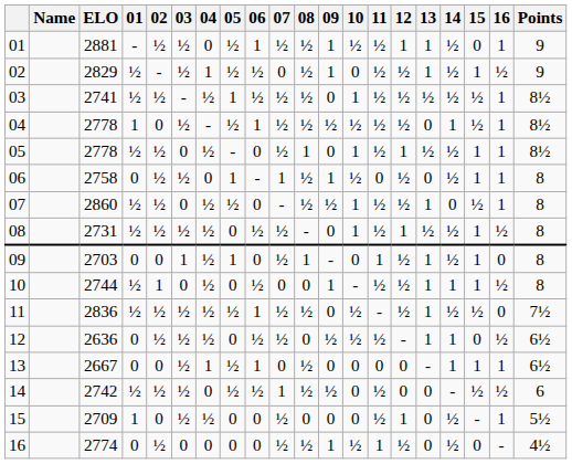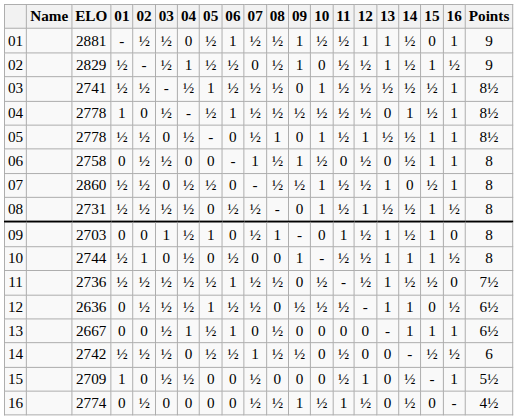 <table class="wikitable" style="text-align:center;">
 <tr>
 <th></th>
 <th>Name</th>
 <th>ELO</th>
 <th>01</th>
 <th>02</th>
 <th>03</th>
 <th>04</th>
 <th>05</th>
 <th>06</th>
 <th>07</th>
 <th>08</th>
 <th>09</th>
 <th>10</th>
 <th>11</th>
 <th>12</th>
 <th>13</th>
 <th>14</th>
 <th>15</th>
 <th>16</th>
 <th>Points</th>
 </tr>
 <tr>
 <td>01</td>
 <td style="text-align:left;" data-sort-value="Carlsen"></td>
 <td>2881</td>
 <td>-</td>
 <td>½</td>
 <td>½</td>
 <td>0</td>
 <td>½</td>
 <td>1</td>
 <td>½</td>
 <td>½</td>
 <td>1</td>
 <td>½</td>
 <td>½</td>
 <td>1</td>
 <td>1</td>
 <td>½</td>
 <td>0</td>
 <td>1</td>
 <td>9</td>
 </tr>
 <tr>
 <td>02</td>
 <td style="text-align:left;" data-sort-value="Nakamura"></td>
 <td>2829</td>
 <td>½</td>
 <td>-</td>
 <td>½</td>
 <td>1</td>
 <td>½</td>
 <td>½</td>
 <td>0</td>
 <td>½</td>
 <td>1</td>
 <td>0</td>
 <td>½</td>
 <td>½</td>
 <td>1</td>
 <td>½</td>
 <td>1</td>
 <td>½</td>
 <td>9</td>
 </tr>
 <tr>
 <td>03</td>
 <td style="text-align:left;" data-sort-value="So"></td>
 <td>2741</td>
 <td>½</td>
 <td>½</td>
 <td>-</td>
 <td>½</td>
 <td>1</td>
 <td>½</td>
 <td>½</td>
 <td>½</td>
 <td>0</td>
 <td>1</td>
 <td>½</td>
 <td>½</td>
 <td>½</td>
 <td>½</td>
 <td>½</td>
 <td>1</td>
 <td>8½</td>
 </tr>
 <tr>
 <td>04</td>
 <td style="text-align:left;" data-sort-value="Nepomniachtchi"></td>
 <td>2778</td>
 <td>1</td>
 <td>0</td>
 <td>½</td>
 <td>-</td>
 <td>½</td>
 <td>1</td>
 <td>½</td>
 <td>½</td>
 <td>½</td>
 <td>½</td>
 <td>½</td>
 <td>½</td>
 <td>0</td>
 <td>1</td>
 <td>½</td>
 <td>1</td>
 <td>8½</td>
 </tr>
 <tr>
 <td>05</td>
 <td style="text-align:left;" data-sort-value="Aronian"></td>
 <td>2778</td>
 <td>½</td>
 <td>½</td>
 <td>0</td>
 <td>½</td>
 <td>-</td>
 <td>0</td>
 <td>½</td>
 <td>1</td>
 <td>0</td>
 <td>1</td>
 <td>½</td>
 <td>1</td>
 <td>½</td>
 <td>½</td>
 <td>1</td>
 <td>1</td>
 <td>8½</td>
 </tr>
 <tr>
 <td>06</td>
 <td style="text-align:left;" data-sort-value="Radjabov"></td>
 <td>2758</td>
 <td>0</td>
 <td>½</td>
 <td>½</td>
 <td>0</td>
-<td>1</td>
+<td>0</td>
 <td>-</td>
 <td>1</td>
 <td>½</td>
 <td>1</td>
 <td>½</td>
 <td>0</td>
 <td>½</td>
 <td>0</td>
 <td>½</td>
 <td>1</td>
 <td>1</td>
 <td>8</td>
 </tr>
 <tr>
 <td>07</td>
 <td style="text-align:left;" data-sort-value="Vachier"></td>
 <td>2860</td>
 <td>½</td>
 <td>½</td>
 <td>0</td>
 <td>½</td>
 <td>½</td>
 <td>0</td>
 <td>-</td>
 <td>½</td>
 <td>½</td>
 <td>1</td>
 <td>½</td>
 <td>½</td>
 <td>1</td>
 <td>0</td>
 <td>½</td>
 <td>1</td>
 <td>8</td>
 </tr>
 <tr>
 <td>08</td>
 <td style="text-align:left;" data-sort-value="Giri"></td>
 <td>2731</td>
 <td>½</td>
 <td>½</td>
 <td>½</td>
 <td>½</td>
 <td>0</td>
 <td>½</td>
 <td>½</td>
 <td>-</td>
 <td>0</td>
 <td>1</td>
 <td>½</td>
 <td>1</td>
 <td>½</td>
 <td>½</td>
 <td>1</td>
 <td>½</td>
 <td>8</td>
 </tr>
 <tr>
 <td style="border-top: 2px solid #000000;">09</td>
 <td style="text-align:left; border-top: 2px solid #000000;" data-sort-value="Firouzja"></td>
 <td style="border-top: 2px solid #000000;">2703</td>
 <td style="border-top: 2px solid #000000;">0</td>
 <td style="border-top: 2px solid #000000;">0</td>
 <td style="border-top: 2px solid #000000;">1</td>
 <td style="border-top: 2px solid #000000;">½</td>
 <td style="border-top: 2px solid #000000;">1</td>
 <td style="border-top: 2px solid #000000;">0</td>
 <td style="border-top: 2px solid #000000;">½</td>
 <td style="border-top: 2px solid #000000;">1</td>
 <td style="border-top: 2px solid #000000;">-</td>
 <td style="border-top: 2px solid #000000;">0</td>
 <td style="border-top: 2px solid #000000;">1</td>
 <td style="border-top: 2px solid #000000;">½</td>
 <td style="border-top: 2px solid #000000;">1</td>
 <td style="border-top: 2px solid #000000;">½</td>
 <td style="border-top: 2px solid #000000;">1</td>
 <td style="border-top: 2px solid #000000;">0</td>
 <td style="border-top: 2px solid #000000;">8</td>
 </tr>
 <tr>
 <td>10</td>
 <td style="text-align:left;" data-sort-value="Lê"></td>
 <td>2744</td>
 <td>½</td>
 <td>1</td>
 <td>0</td>
 <td>½</td>
 <td>0</td>
 <td>½</td>
 <td>0</td>
 <td>0</td>
 <td>1</td>
 <td>-</td>
 <td>½</td>
 <td>½</td>
 <td>1</td>
 <td>1</td>
 <td>1</td>
 <td>½</td>
 <td>8</td>
 </tr>
 <tr>
 <td>11</td>
 <td style="text-align:left;" data-sort-value="Ding"></td>
-<td>2836</td>
+<td>2736</td>
 <td>½</td>
 <td>½</td>
 <td>½</td>
 <td>½</td>
 <td>½</td>
 <td>1</td>
 <td>½</td>
 <td>½</td>
 <td>0</td>
 <td>½</td>
 <td>-</td>
 <td>½</td>
 <td>1</td>
 <td>½</td>
 <td>½</td>
 <td>0</td>
 <td>7½</td>
 </tr>
 <tr>
 <td>12</td>
 <td style="text-align:left;" data-sort-value="Vidit"></td>
 <td>2636</td>
 <td>0</td>
 <td>½</td>
 <td>½</td>
 <td>½</td>
-<td>0</td>
+<td>1</td>
 <td>½</td>
 <td>½</td>
 <td>0</td>
 <td>½</td>
 <td>½</td>
 <td>½</td>
 <td>-</td>
 <td>1</td>
 <td>1</td>
 <td>0</td>
 <td>½</td>
 <td>6½</td>
 </tr>
 <tr>
 <td>13</td>
 <td style="text-align:left;" data-sort-value="Guijarro"></td>
 <td>2667</td>
 <td>0</td>
 <td>0</td>
 <td>½</td>
 <td>1</td>
 <td>½</td>
 <td>1</td>
 <td>0</td>
 <td>½</td>
 <td>0</td>
 <td>0</td>
 <td>0</td>
 <td>0</td>
 <td>-</td>
 <td>1</td>
 <td>1</td>
 <td>1</td>
 <td>6½</td>
 </tr>
 <tr>
 <td>14</td>
 <td style="text-align:left;" data-sort-value="Svidler"></td>
 <td>2742</td>
 <td>½</td>
 <td>½</td>
 <td>½</td>
 <td>0</td>
 <td>½</td>
 <td>½</td>
 <td>1</td>
 <td>½</td>
 <td>½</td>
 <td>0</td>
 <td>½</td>
 <td>0</td>
 <td>0</td>
 <td>-</td>
 <td>½</td>
 <td>½</td>
 <td>6</td>
 </tr>
 <tr>
 <td>15</td>
 <td style="text-align:left;" data-sort-value="Karjakin"></td>
 <td>2709</td>
 <td>1</td>
 <td>0</td>
 <td>½</td>
 <td>½</td>
 <td>0</td>
 <td>0</td>
 <td>½</td>
 <td>0</td>
 <td>0</td>
 <td>0</td>
 <td>½</td>
 <td>1</td>
 <td>0</td>
 <td>½</td>
 <td>-</td>
 <td>1</td>
 <td>5½</td>
 </tr>
 <tr>
 <td>16</td>
 <td style="text-align:left;" data-sort-value="Duda"></td>
 <td>2774</td>
 <td>0</td>
 <td>½</td>
 <td>0</td>
 <td>0</td>
 <td>0</td>
 <td>0</td>
 <td>½</td>
 <td>½</td>
 <td>1</td>
 <td>½</td>
 <td>1</td>
 <td>½</td>
 <td>0</td>
 <td>½</td>
 <td>0</td>
 <td>-</td>
 <td>4½</td>
 </tr>
 </table>
